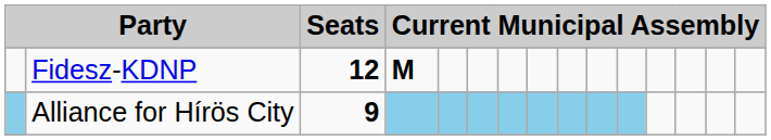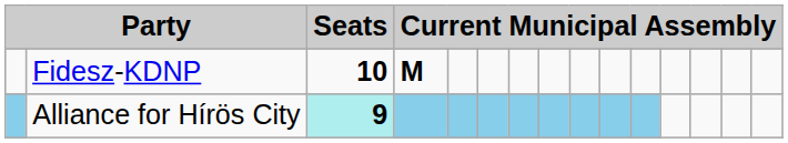 <table class="wikitable">
 <tr>
 <th style="background:#ccc" colspan="2">Party</th>
 <th style="background:#ccc">Seats</th>
 <th style="background:#ccc" colspan="16">Current Municipal Assembly</th>
 </tr>
 <tr>
 <td style="background-color: "> </td>
 <td><a href='#'>Fidesz</a>-<a href='#'>KDNP</a></td>
-<td style="text-align: right"><strong>12</strong></td>
+<td style="text-align: right"><strong>10</strong></td>
 <td style="background-color: "><span><strong>M</strong></span></td>
 <td style="background-color: "> </td>
 <td style="background-color: "> </td>
 <td style="background-color: "> </td>
 <td style="background-color: "> </td>
 <td style="background-color: "> </td>
 <td style="background-color: "> </td>
 <td style="background-color: "> </td>
 <td style="background-color: "> </td>
 <td style="background-color: "> </td>
 <td style="background-color: "> </td>
 <td style="background-color: "> </td>
 </tr>
 <tr>
 <td style="background-color: #87CEEB"> </td>
 <td>Alliance for Hírös City</td>
-<td style="text-align: right"><strong>9</strong></td>
+<td style="background: paleturquoise; text-align: right"><strong>9</strong></td>
 <td style="background-color: #87CEEB"> </td>
 <td style="background-color: #87CEEB"> </td>
 <td style="background-color: #87CEEB"> </td>
 <td style="background-color: #87CEEB"> </td>
 <td style="background-color: #87CEEB"> </td>
 <td style="background-color: #87CEEB"> </td>
 <td style="background-color: #87CEEB"> </td>
 <td style="background-color: #87CEEB"> </td>
 <td> </td>
 <td> </td>
 <td> </td>
 <td> </td>
 </tr>
 </table>
